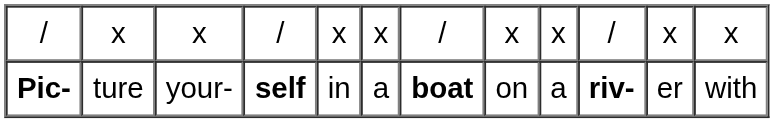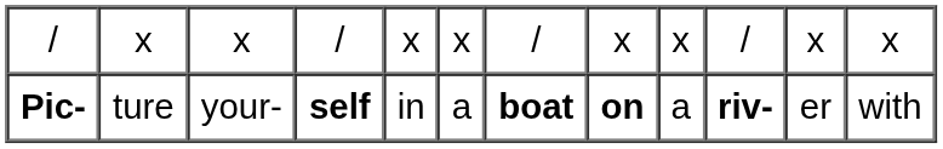 <table border=1 cellspacing=0 cellpadding=5>
 <tr>
 <td style="text-align: center;">/</td>
 <td style="text-align: center;">x</td>
 <td style="text-align: center;">x</td>
 <td style="text-align: center;">/</td>
 <td style="text-align: center;">x</td>
 <td style="text-align: center;">x</td>
 <td style="text-align: center;">/</td>
 <td style="text-align: center;">x</td>
 <td style="text-align: center;">x</td>
 <td style="text-align: center;">/</td>
 <td style="text-align: center;">x</td>
 <td style="text-align: center;">x</td>
 </tr>
 <tr>
 <td><strong>Pic-</strong></td>
 <td>ture</td>
 <td>your-</td>
 <td><strong>self</strong></td>
 <td>in</td>
 <td>a</td>
 <td><strong>boat</strong></td>
-<td>on</td>
+<td><strong>on</strong></td>
 <td>a</td>
 <td><strong>riv-</strong></td>
 <td>er</td>
 <td>with</td>
 </tr>
 </table>
